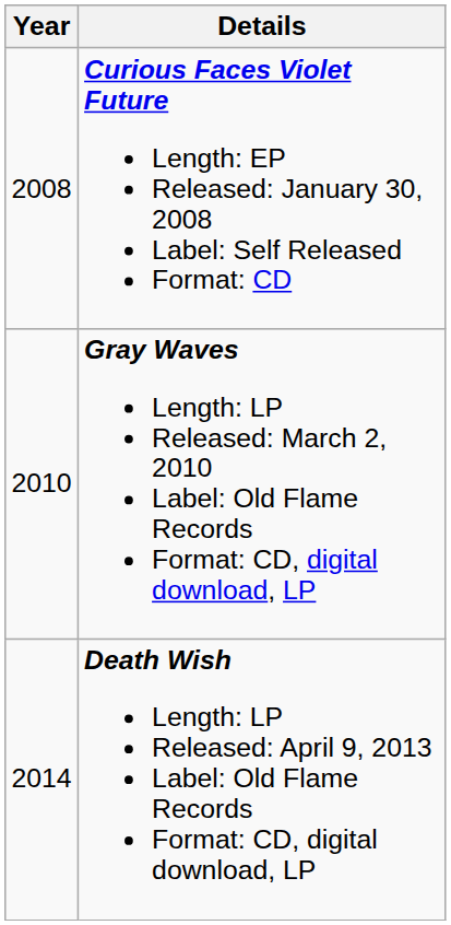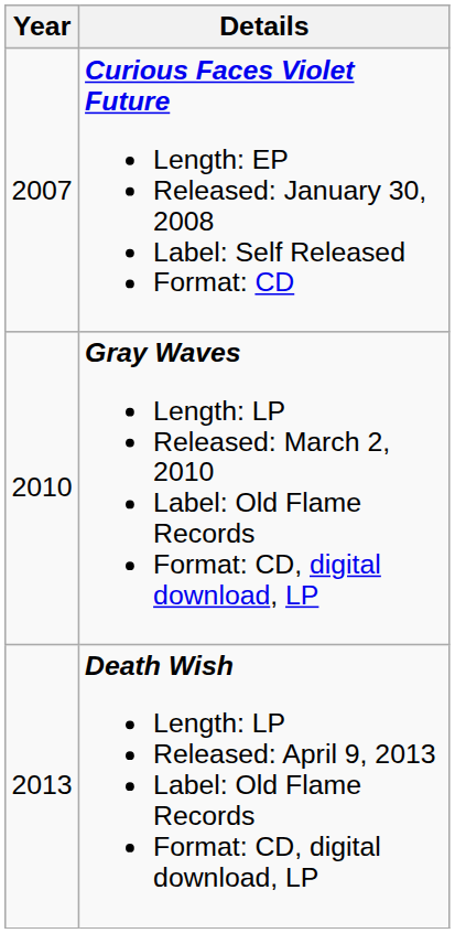 <table class="wikitable">
 <tr>
 <th>Year</th>
 <th style="width:210px;">Details</th>
 </tr>
 <tr>
-<td>2008</td>
+<td>2007</td>
 <td><strong><em><a href='#'>Curious Faces Violet Future</a></em></strong><br><ul><li>Length: EP</li><li>Released: January 30, 2008</li><li>Label: Self Released</li><li>Format: <a href='#'>CD</a></li></ul></td>
 </tr>
 <tr>
 <td>2010</td>
 <td><strong><em>Gray Waves</em></strong><br><ul><li>Length: LP</li><li>Released: March 2, 2010</li><li>Label: Old Flame Records</li><li>Format: CD, <a href='#'>digital download</a>, <a href='#'>LP</a></li></ul></td>
 </tr>
 <tr>
-<td>2014</td>
+<td>2013</td>
 <td><strong><em>Death Wish</em></strong><br><ul><li>Length: LP</li><li>Released: April 9, 2013</li><li>Label: Old Flame Records</li><li>Format: CD, digital download, LP</li></ul></td>
 </tr>
 </table>
